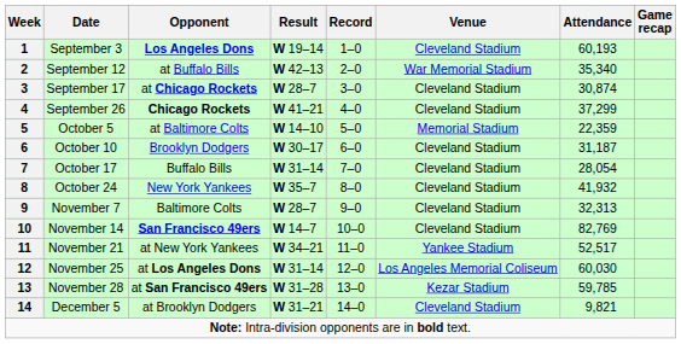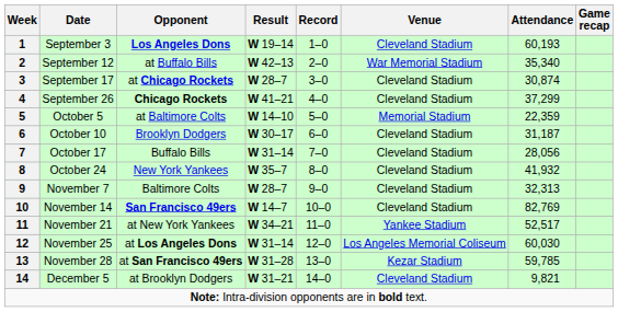 <table class="wikitable" style="text-align:center">
 <tr>
 <th>Week</th>
 <th>Date</th>
 <th>Opponent</th>
 <th>Result</th>
 <th>Record</th>
 <th>Venue</th>
 <th>Attendance</th>
 <th>Game<br>recap</th>
 </tr>
 <tr style="background: #cfc;">
 <th>1</th>
 <td>September 3</td>
 <td><strong><a href='#'>Los Angeles Dons</a></strong></td>
 <td><strong>W</strong> 19–14</td>
 <td>1–0</td>
 <td><a href='#'>Cleveland Stadium</a></td>
 <td>60,193</td>
 <td></td>
 </tr>
 <tr style="background: #cfc;">
 <th>2</th>
 <td>September 12</td>
 <td>at <a href='#'>Buffalo Bills</a></td>
 <td><strong>W</strong> 42–13</td>
 <td>2–0</td>
 <td><a href='#'>War Memorial Stadium</a></td>
 <td>35,340</td>
 <td></td>
 </tr>
 <tr style="background: #cfc;">
 <th>3</th>
 <td>September 17</td>
 <td>at <strong><a href='#'>Chicago Rockets</a></strong></td>
 <td align=left><strong>W</strong> 28–7</td>
 <td>3–0</td>
 <td>Cleveland Stadium</td>
 <td>30,874</td>
 <td></td>
 </tr>
 <tr style="background: #cfc;">
 <th>4</th>
 <td>September 26</td>
 <td><strong>Chicago Rockets</strong></td>
 <td><strong>W</strong> 41–21</td>
 <td>4–0</td>
 <td>Cleveland Stadium</td>
 <td>37,299</td>
 <td></td>
 </tr>
 <tr style="background: #cfc;">
 <th>5</th>
 <td>October 5</td>
 <td>at <a href='#'>Baltimore Colts</a></td>
 <td><strong>W</strong> 14–10</td>
 <td>5–0</td>
 <td><a href='#'>Memorial Stadium</a></td>
 <td>22,359</td>
 <td></td>
 </tr>
 <tr style="background: #cfc;">
 <th>6</th>
 <td>October 10</td>
 <td><a href='#'>Brooklyn Dodgers</a></td>
 <td><strong>W</strong> 30–17</td>
 <td>6–0</td>
 <td>Cleveland Stadium</td>
 <td>31,187</td>
 <td></td>
 </tr>
 <tr style="background: #cfc;">
 <th>7</th>
 <td>October 17</td>
 <td>Buffalo Bills</td>
 <td><strong>W</strong> 31–14</td>
 <td>7–0</td>
 <td>Cleveland Stadium</td>
-<td>28,054</td>
+<td>28,056</td>
 <td></td>
 </tr>
 <tr style="background: #cfc;">
 <th>8</th>
 <td>October 24</td>
 <td><a href='#'>New York Yankees</a></td>
 <td align=left><strong>W</strong> 35–7</td>
 <td>8–0</td>
 <td>Cleveland Stadium</td>
 <td>41,932</td>
 <td></td>
 </tr>
 <tr style="background: #cfc;">
 <th>9</th>
 <td>November 7</td>
 <td>Baltimore Colts</td>
 <td align=left><strong>W</strong> 28–7</td>
 <td>9–0</td>
 <td>Cleveland Stadium</td>
 <td>32,313</td>
 <td></td>
 </tr>
 <tr style="background: #cfc;">
 <th>10</th>
 <td>November 14</td>
 <td><strong><a href='#'>San Francisco 49ers</a></strong></td>
 <td align=left><strong>W</strong> 14–7</td>
 <td>10–0</td>
 <td>Cleveland Stadium</td>
 <td>82,769</td>
 <td></td>
 </tr>
 <tr style="background: #cfc;">
 <th>11</th>
 <td>November 21</td>
 <td>at New York Yankees</td>
 <td><strong>W</strong> 34–21</td>
 <td>11–0</td>
 <td><a href='#'>Yankee Stadium</a></td>
 <td>52,517</td>
 <td></td>
 </tr>
 <tr style="background: #cfc;">
 <th>12</th>
 <td>November 25</td>
 <td>at <strong>Los Angeles Dons</strong></td>
 <td><strong>W</strong> 31–14</td>
 <td>12–0</td>
 <td><a href='#'>Los Angeles Memorial Coliseum</a></td>
 <td>60,030</td>
 <td></td>
 </tr>
 <tr style="background: #cfc;">
 <th>13</th>
 <td>November 28</td>
 <td>at <strong>San Francisco 49ers</strong></td>
 <td><strong>W</strong> 31–28</td>
 <td>13–0</td>
 <td><a href='#'>Kezar Stadium</a></td>
 <td>59,785</td>
 <td></td>
 </tr>
 <tr style="background: #cfc;">
 <th>14</th>
 <td>December 5</td>
 <td>at Brooklyn Dodgers</td>
 <td><strong>W</strong> 31–21</td>
 <td>14–0</td>
 <td><a href='#'>Cleveland Stadium</a></td>
 <td>  9,821</td>
 <td></td>
 </tr>
 <tr>
 <td colspan="8"><strong>Note:</strong> Intra-division opponents are in <strong>bold</strong> text.</td>
 </tr>
 </table>
